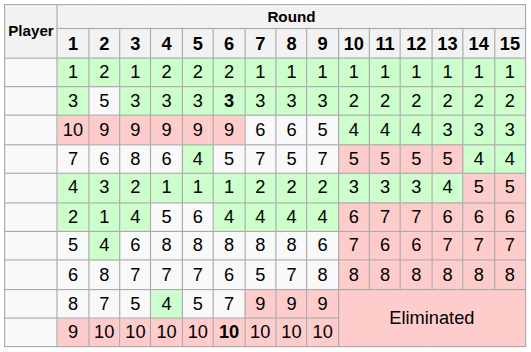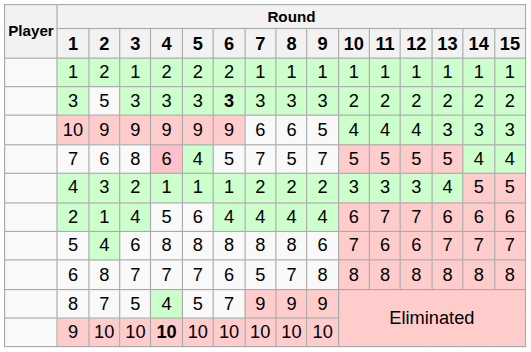 <table class="wikitable">
 <tr style="font-size:10pt;font-weight:bold">
 <th rowspan=2>Player</th>
 <th colspan=15>Round</th>
 </tr>
 <tr>
 <th style="width:20px;">1</th>
 <th style="width:20px;">2</th>
 <th style="width:20px;">3</th>
 <th style="width:20px;">4</th>
 <th style="width:20px;">5</th>
 <th style="width:20px;">6</th>
 <th style="width:20px;">7</th>
 <th style="width:20px;">8</th>
 <th style="width:20px;">9</th>
 <th style="width:20px;">10</th>
 <th style="width:20px;">11</th>
 <th style="width:20px;">12</th>
 <th style="width:20px;">13</th>
 <th style="width:20px;">14</th>
 <th style="width:20px;">15</th>
 </tr>
 <tr>
 <td> </td>
 <td align=center bgcolor="#ccffcc">1</td>
 <td align=center bgcolor="#ccffcc">2</td>
 <td align=center bgcolor="#ccffcc">1</td>
 <td align=center bgcolor="#ccffcc">2</td>
 <td align=center bgcolor="#ccffcc">2</td>
 <td align=center bgcolor="#ccffcc">2</td>
 <td align=center bgcolor="#ccffcc">1</td>
 <td align=center bgcolor="#ccffcc">1</td>
 <td align=center bgcolor="#ccffcc">1</td>
 <td align=center bgcolor="#ccffcc">1</td>
 <td align=center bgcolor="#ccffcc">1</td>
 <td align=center bgcolor="#ccffcc">1</td>
 <td align=center bgcolor="#ccffcc">1</td>
 <td align=center bgcolor="#ccffcc">1</td>
 <td align=center bgcolor="#ccffcc">1</td>
 </tr>
 <tr>
 <td></td>
 <td align=center bgcolor="#ccffcc">3</td>
 <td align=center>5</td>
 <td align=center bgcolor="#ccffcc">3</td>
 <td align=center bgcolor="#ccffcc">3</td>
 <td align=center bgcolor="#ccffcc">3</td>
 <td align=center bgcolor="#ccffcc"><strong>3</strong></td>
 <td align=center bgcolor="#ccffcc">3</td>
 <td align=center bgcolor="#ccffcc">3</td>
 <td align=center bgcolor="#ccffcc">3</td>
 <td align=center bgcolor="#ccffcc">2</td>
 <td align=center bgcolor="#ccffcc">2</td>
 <td align=center bgcolor="#ccffcc">2</td>
 <td align=center bgcolor="#ccffcc">2</td>
 <td align=center bgcolor="#ccffcc">2</td>
 <td align=center bgcolor="#ccffcc">2</td>
 </tr>
 <tr>
 <td> </td>
 <td align=center bgcolor="#ffcccc">10</td>
 <td align=center bgcolor="#ffcccc">9</td>
 <td align=center bgcolor="#ffcccc">9</td>
 <td align=center bgcolor="#ffcccc">9</td>
 <td align=center bgcolor="#ffcccc">9</td>
 <td align=center bgcolor="#ffcccc">9</td>
 <td align=center>6</td>
 <td align=center>6</td>
 <td align=center>5</td>
 <td align=center bgcolor="#ccffcc">4</td>
 <td align=center bgcolor="#ccffcc">4</td>
 <td align=center bgcolor="#ccffcc">4</td>
 <td align=center bgcolor="#ccffcc">3</td>
 <td align=center bgcolor="#ccffcc">3</td>
 <td align=center bgcolor="#ccffcc">3</td>
 </tr>
 <tr>
 <td> </td>
 <td align=center>7</td>
 <td align=center>6</td>
 <td align=center>8</td>
-<td align=center>6</td>
+<td align=center style="background: pink;">6</td>
 <td align=center bgcolor="#ccffcc">4</td>
 <td align=center>5</td>
 <td align=center>7</td>
 <td align=center>5</td>
 <td align=center>7</td>
 <td align=center bgcolor="#ffcccc">5</td>
 <td align=center bgcolor="#ffcccc">5</td>
 <td align=center bgcolor="#ffcccc">5</td>
 <td align=center bgcolor="#ffcccc">5</td>
 <td align=center bgcolor="#ccffcc">4</td>
 <td align=center bgcolor="#ccffcc">4</td>
 </tr>
 <tr>
 <td> </td>
 <td align=center bgcolor="#ccffcc">4</td>
 <td align=center bgcolor="#ccffcc">3</td>
 <td align=center bgcolor="#ccffcc">2</td>
 <td align=center bgcolor="#ccffcc">1</td>
 <td align=center bgcolor="#ccffcc">1</td>
 <td align=center bgcolor="#ccffcc">1</td>
 <td align=center bgcolor="#ccffcc">2</td>
 <td align=center bgcolor="#ccffcc">2</td>
 <td align=center bgcolor="#ccffcc">2</td>
 <td align=center bgcolor="#ccffcc">3</td>
 <td align=center bgcolor="#ccffcc">3</td>
 <td align=center bgcolor="#ccffcc">3</td>
 <td align=center bgcolor="#ccffcc">4</td>
 <td align=center bgcolor="#ffcccc">5</td>
 <td align=center bgcolor="#ffcccc">5</td>
 </tr>
 <tr>
 <td> </td>
 <td align=center bgcolor="#ccffcc">2</td>
 <td align=center bgcolor="#ccffcc">1</td>
 <td align=center bgcolor="#ccffcc">4</td>
 <td align=center>5</td>
 <td align=center>6</td>
 <td align=center bgcolor="#ccffcc">4</td>
 <td align=center bgcolor="#ccffcc">4</td>
 <td align=center bgcolor="#ccffcc">4</td>
 <td align=center bgcolor="#ccffcc">4</td>
 <td align=center bgcolor="#ffcccc">6</td>
 <td align=center bgcolor="#ffcccc">7</td>
 <td align=center bgcolor="#ffcccc">7</td>
 <td align=center bgcolor="#ffcccc">6</td>
 <td align=center bgcolor="#ffcccc">6</td>
 <td align=center bgcolor="#ffcccc">6</td>
 </tr>
 <tr>
 <td> </td>
 <td align=center>5</td>
 <td align=center bgcolor="#ccffcc">4</td>
 <td align=center>6</td>
 <td align=center>8</td>
 <td align=center>8</td>
 <td align=center>8</td>
 <td align=center>8</td>
 <td align=center>8</td>
 <td align=center>6</td>
 <td align=center bgcolor="#ffcccc">7</td>
 <td align=center bgcolor="#ffcccc">6</td>
 <td align=center bgcolor="#ffcccc">6</td>
 <td align=center bgcolor="#ffcccc">7</td>
 <td align=center bgcolor="#ffcccc">7</td>
 <td align=center bgcolor="#ffcccc">7</td>
 </tr>
 <tr>
 <td> </td>
 <td align=center>6</td>
 <td align=center>8</td>
 <td align=center>7</td>
 <td align=center>7</td>
 <td align=center>7</td>
 <td align=center>6</td>
 <td align=center>5</td>
 <td align=center>7</td>
 <td align=center>8</td>
 <td align=center bgcolor="#ffcccc">8</td>
 <td align=center bgcolor="#ffcccc">8</td>
 <td align=center bgcolor="#ffcccc">8</td>
 <td align=center bgcolor="#ffcccc">8</td>
 <td align=center bgcolor="#ffcccc">8</td>
 <td align=center bgcolor="#ffcccc">8</td>
 </tr>
 <tr>
 <td> </td>
 <td align=center>8</td>
 <td align=center>7</td>
 <td align=center>5</td>
 <td align=center bgcolor="#ccffcc">4</td>
 <td align=center>5</td>
 <td align=center>7</td>
 <td align=center bgcolor="#ffcccc">9</td>
 <td align=center bgcolor="#ffcccc">9</td>
 <td align=center bgcolor="#ffcccc">9</td>
 <td align=center bgcolor="#ffcccc" colspan=6 rowspan=2>Eliminated</td>
 </tr>
 <tr>
 <td> </td>
 <td align=center bgcolor="#ffcccc">9</td>
 <td align=center bgcolor="#ffcccc">10</td>
 <td align=center bgcolor="#ffcccc">10</td>
+<td align=center bgcolor="#ffcccc"><strong>10</strong></td>
 <td align=center bgcolor="#ffcccc">10</td>
 <td align=center bgcolor="#ffcccc">10</td>
-<td align=center bgcolor="#ffcccc"><strong>10</strong></td>
 <td align=center bgcolor="#ffcccc">10</td>
 <td align=center bgcolor="#ffcccc">10</td>
 <td align=center bgcolor="#ffcccc">10</td>
 </tr>
 </table>
